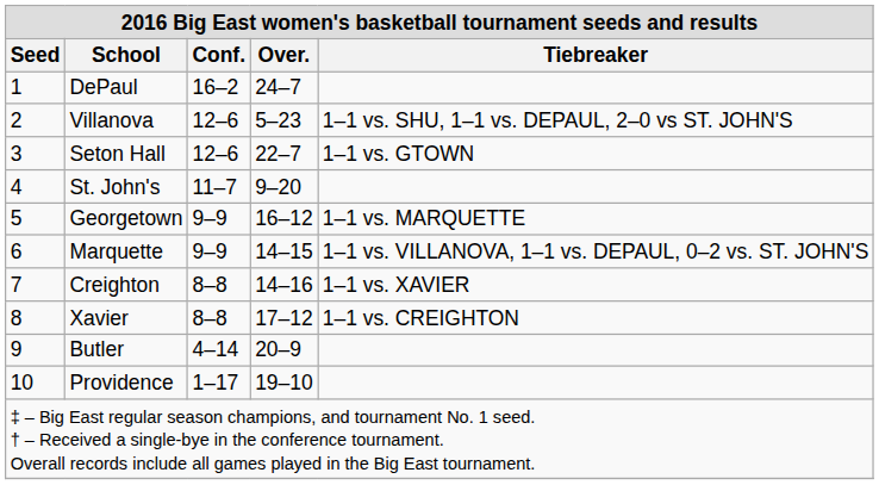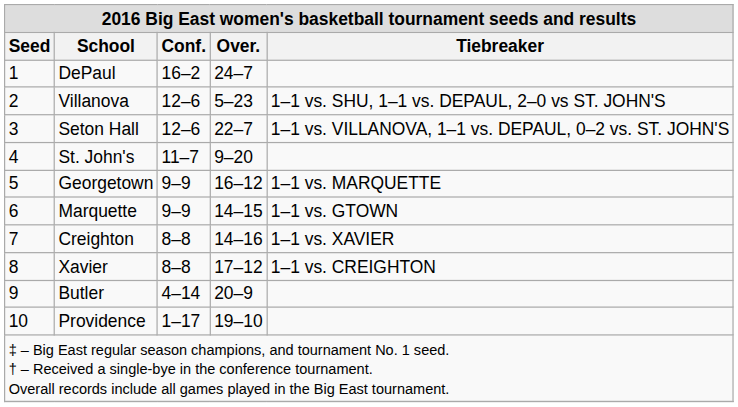 <table class="wikitable" style="white-space:nowrap; font-size:90%;">
 <tr>
 <td colspan="10" style="text-align:center; background:#DDDDDD; font:#000000"><strong>2016 Big East women's basketball tournament seeds and results</strong></td>
 </tr>
 <tr bgcolor="#efefef">
 <th>Seed</th>
 <th>School</th>
 <th>Conf.</th>
 <th>Over.</th>
 <th>Tiebreaker</th>
 </tr>
 <tr>
 <td>1</td>
 <td>DePaul</td>
 <td>16–2</td>
 <td>24–7</td>
 <td></td>
 </tr>
 <tr>
 <td>2</td>
 <td>Villanova</td>
 <td>12–6</td>
 <td>5–23</td>
 <td>1–1 vs. SHU, 1–1 vs. DEPAUL, 2–0 vs ST. JOHN'S</td>
 </tr>
 <tr>
 <td>3</td>
 <td>Seton Hall</td>
 <td>12–6</td>
 <td>22–7</td>
-<td>1–1 vs. GTOWN</td>
+<td>1–1 vs. VILLANOVA, 1–1 vs. DEPAUL, 0–2 vs. ST. JOHN'S</td>
 </tr>
 <tr>
 <td>4</td>
 <td>St. John's</td>
 <td>11–7</td>
 <td>9–20</td>
 <td></td>
 </tr>
 <tr>
 <td>5</td>
 <td>Georgetown</td>
 <td>9–9</td>
 <td>16–12</td>
 <td>1–1 vs. MARQUETTE</td>
 </tr>
 <tr>
 <td>6</td>
 <td>Marquette</td>
 <td>9–9</td>
 <td>14–15</td>
-<td>1–1 vs. VILLANOVA, 1–1 vs. DEPAUL, 0–2 vs. ST. JOHN'S</td>
+<td>1–1 vs. GTOWN</td>
 </tr>
 <tr>
 <td>7</td>
 <td>Creighton</td>
 <td>8–8</td>
 <td>14–16</td>
 <td>1–1 vs. XAVIER</td>
 </tr>
 <tr>
 <td>8</td>
 <td>Xavier</td>
 <td>8–8</td>
 <td>17–12</td>
 <td>1–1 vs. CREIGHTON</td>
 </tr>
 <tr>
 <td>9</td>
 <td>Butler</td>
 <td>4–14</td>
 <td>20–9</td>
 <td></td>
 </tr>
 <tr>
 <td>10</td>
 <td>Providence</td>
 <td>1–17</td>
 <td>19–10</td>
 <td></td>
 </tr>
 <tr>
 <td colspan="10" style="text-align:left;"><small>‡ – Big East regular season champions, and tournament No. 1 seed.<br>† – Received a single-bye in the conference tournament.<br>Overall records include all games played in the Big East tournament.</small></td>
 </tr>
 <tr>
 </tr>
 </table>
